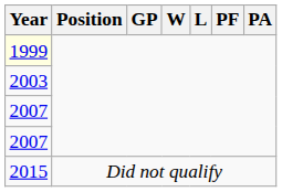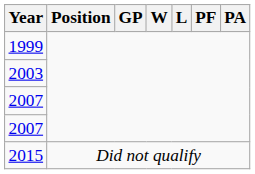 <table class="wikitable" style="text-align: center;">
 <tr>
 <th>Year</th>
 <th>Position</th>
 <th>GP</th>
 <th>W</th>
 <th>L</th>
 <th>PF</th>
 <th>PA</th>
 </tr>
 <tr>
-<td style="background: lightyellow;"> <a href='#'>1999</a></td>
+<td> <a href='#'>1999</a></td>
 <td colspan=6 rowspan=4></td>
 </tr>
 <tr>
 <td> <a href='#'>2003</a></td>
 </tr>
 <tr>
 <td> <a href='#'>2007</a></td>
 </tr>
 <tr>
 <td> <a href='#'>2007</a></td>
 </tr>
 <tr>
 <td> <a href='#'>2015</a></td>
 <td colspan=6><em>Did not qualify</em></td>
 </tr>
 </table>
